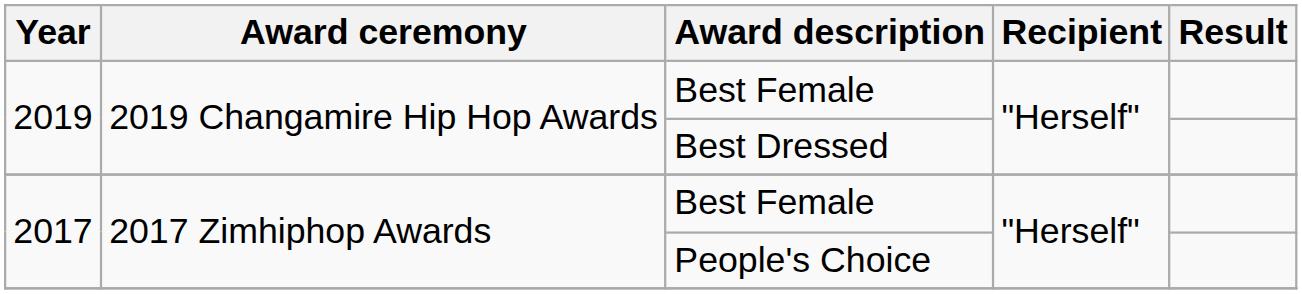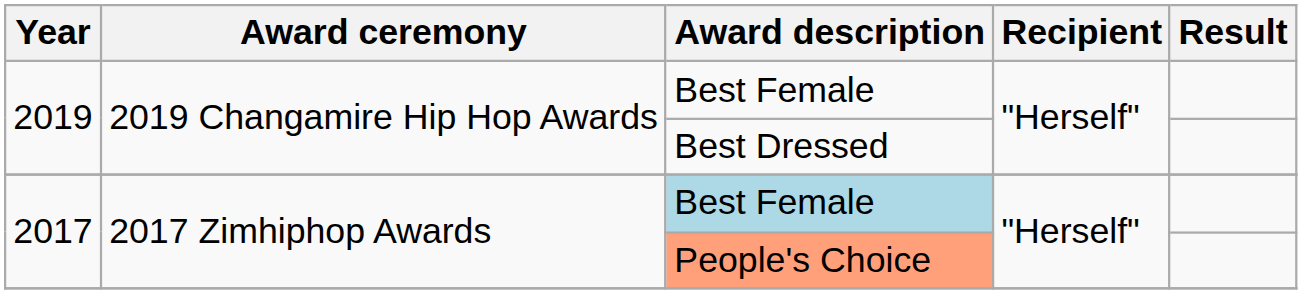 <table class ="wikitable">
 <tr>
 <th>Year</th>
 <th>Award ceremony</th>
 <th>Award description</th>
 <th>Recipient</th>
 <th>Result</th>
 </tr>
 <tr>
 <td rowspan="2">2019</td>
 <td rowspan="2">2019 Changamire Hip Hop Awards</td>
 <td>Best Female</td>
 <td rowspan="2">"Herself"</td>
 <td></td>
 </tr>
 <tr>
 <td>Best Dressed</td>
 <td></td>
 </tr>
 <tr>
 </tr>
 <tr>
 <td rowspan="2">2017</td>
 <td rowspan="2">2017 Zimhiphop Awards</td>
-<td>Best Female</td>
+<td style="background: lightblue;">Best Female</td>
 <td rowspan="2">"Herself"</td>
 <td></td>
 </tr>
 <tr>
-<td>People's Choice</td>
+<td style="background: lightsalmon;">People's Choice</td>
 <td></td>
 </tr>
 <tr>
 </tr>
 </table>
